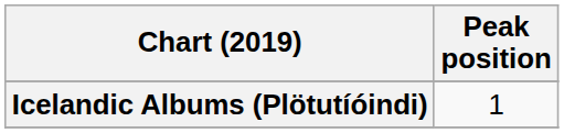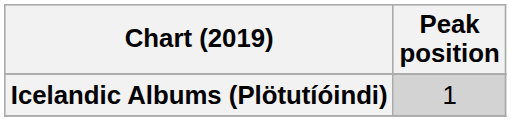 <table class="wikitable sortable plainrowheaders" style="text-align:center">
 <tr>
 <th scope="col">Chart (2019)</th>
 <th scope="col">Peak<br>position</th>
 </tr>
 <tr>
 </tr>
 <tr>
 </tr>
 <tr>
 </tr>
 <tr>
 </tr>
 <tr>
 </tr>
 <tr>
 </tr>
 <tr>
 </tr>
 <tr>
 <th scope="row">Icelandic Albums (Plötutíóindi)</th>
-<td>1</td>
+<td style="background: lightgrey;">1</td>
 </tr>
 <tr>
 </tr>
 <tr>
 </tr>
 <tr>
 </tr>
 <tr>
 </tr>
 <tr>
 </tr>
 <tr>
 </tr>
 <tr>
 </tr>
 <tr>
 </tr>
 <tr>
 </tr>
 </table>
